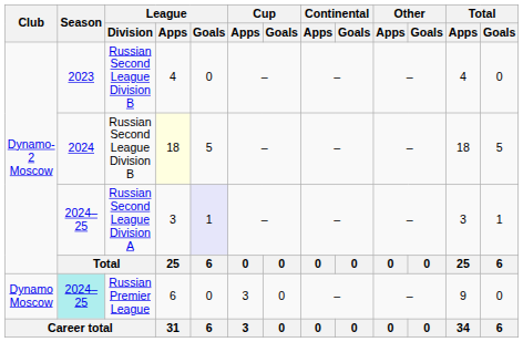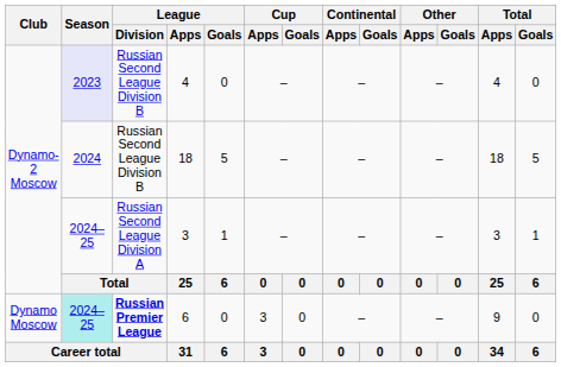 <table class="wikitable" style="text-align: center;">
 <tr>
 <th rowspan=2>Club</th>
 <th rowspan=2>Season</th>
 <th colspan=3>League</th>
 <th colspan=2>Cup</th>
 <th colspan=2>Continental</th>
 <th colspan=2>Other</th>
 <th colspan=2>Total</th>
 </tr>
 <tr>
 <th>Division</th>
 <th>Apps</th>
 <th>Goals</th>
 <th>Apps</th>
 <th>Goals</th>
 <th>Apps</th>
 <th>Goals</th>
 <th>Apps</th>
 <th>Goals</th>
 <th>Apps</th>
 <th>Goals</th>
 </tr>
 <tr>
 <td rowspan="4"><a href='#'>Dynamo-2 Moscow</a></td>
-<td><a href='#'>2023</a></td>
+<td style="background: lavender;"><a href='#'>2023</a></td>
 <td><a href='#'>Russian Second League Division B</a></td>
 <td>4</td>
 <td>0</td>
 <td colspan=2>–</td>
 <td colspan=2>–</td>
 <td colspan=2>–</td>
 <td>4</td>
 <td>0</td>
 </tr>
 <tr>
 <td><a href='#'>2024</a></td>
 <td>Russian Second League Division B</td>
-<td style="background: lightyellow;">18</td>
+<td>18</td>
 <td>5</td>
 <td colspan=2>–</td>
 <td colspan=2>–</td>
 <td colspan=2>–</td>
 <td>18</td>
 <td>5</td>
 </tr>
 <tr>
 <td><a href='#'>2024–25</a></td>
 <td><a href='#'>Russian Second League Division A</a></td>
 <td>3</td>
-<td style="background: lavender;">1</td>
+<td>1</td>
 <td colspan=2>–</td>
 <td colspan=2>–</td>
 <td colspan=2>–</td>
 <td>3</td>
 <td>1</td>
 </tr>
 <tr>
 <th colspan=2>Total</th>
 <th>25</th>
 <th>6</th>
 <th>0</th>
 <th>0</th>
 <th>0</th>
 <th>0</th>
 <th>0</th>
 <th>0</th>
 <th>25</th>
 <th>6</th>
 </tr>
 <tr>
 <td><a href='#'>Dynamo Moscow</a></td>
 <td style="background: paleturquoise;"><a href='#'>2024–25</a></td>
-<td><a href='#'>Russian Premier League</a></td>
+<td><strong><a href='#'>Russian Premier League</a></strong></td>
 <td>6</td>
 <td>0</td>
 <td>3</td>
 <td>0</td>
 <td colspan=2>–</td>
 <td colspan=2>–</td>
 <td>9</td>
 <td>0</td>
 </tr>
 <tr>
 <th colspan=3>Career total</th>
 <th>31</th>
 <th>6</th>
 <th>3</th>
 <th>0</th>
 <th>0</th>
 <th>0</th>
 <th>0</th>
 <th>0</th>
 <th>34</th>
 <th>6</th>
 </tr>
 </table>
